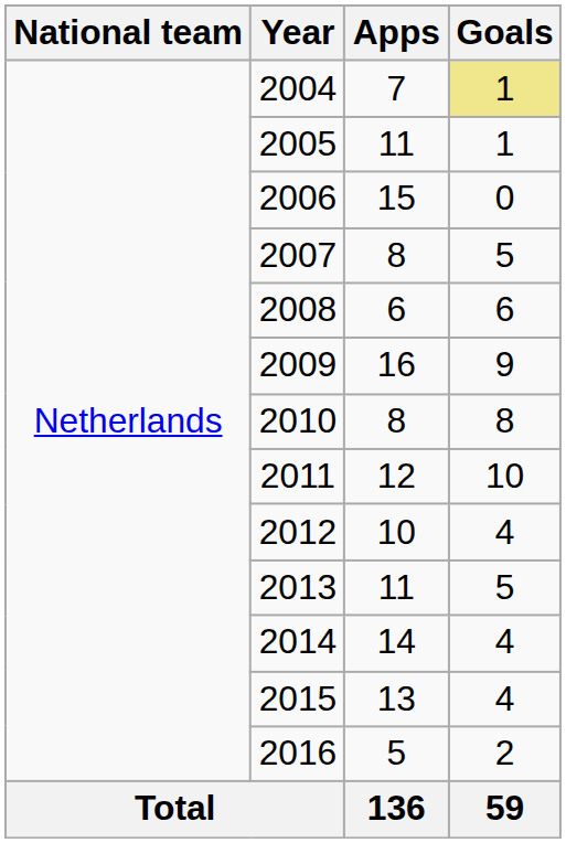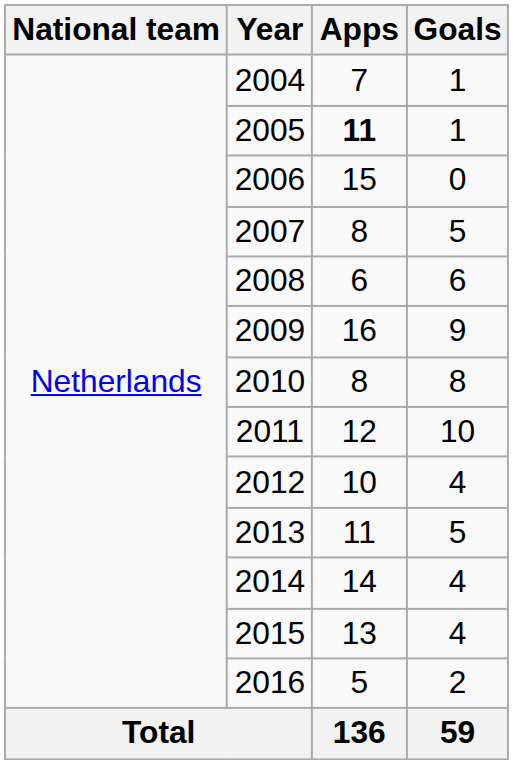 <table class="wikitable" "plainrowheaders" style="text-align:center">
 <tr>
 <th scope="col">National team</th>
 <th scope="col">Year</th>
 <th scope="col">Apps</th>
 <th scope="col">Goals</th>
 </tr>
 <tr>
 <td rowspan=13><a href='#'>Netherlands</a></td>
 <td>2004</td>
 <td>7</td>
-<td style="background: khaki;">1</td>
+<td>1</td>
 </tr>
 <tr>
 <td>2005</td>
-<td>11</td>
+<td><strong>11</strong></td>
 <td>1</td>
 </tr>
 <tr>
 <td>2006</td>
 <td>15</td>
 <td>0</td>
 </tr>
 <tr>
 <td>2007</td>
 <td>8</td>
 <td>5</td>
 </tr>
 <tr>
 <td>2008</td>
 <td>6</td>
 <td>6</td>
 </tr>
 <tr>
 <td>2009</td>
 <td>16</td>
 <td>9</td>
 </tr>
 <tr>
 <td>2010</td>
 <td>8</td>
 <td>8</td>
 </tr>
 <tr>
 <td>2011</td>
 <td>12</td>
 <td>10</td>
 </tr>
 <tr>
 <td>2012</td>
 <td>10</td>
 <td>4</td>
 </tr>
 <tr>
 <td>2013</td>
 <td>11</td>
 <td>5</td>
 </tr>
 <tr>
 <td>2014</td>
 <td>14</td>
 <td>4</td>
 </tr>
 <tr>
 <td>2015</td>
 <td>13</td>
 <td>4</td>
 </tr>
 <tr>
 <td>2016</td>
 <td>5</td>
 <td>2</td>
 </tr>
 <tr>
 <th colspan="2">Total</th>
 <th>136</th>
 <th>59</th>
 </tr>
 </table>
